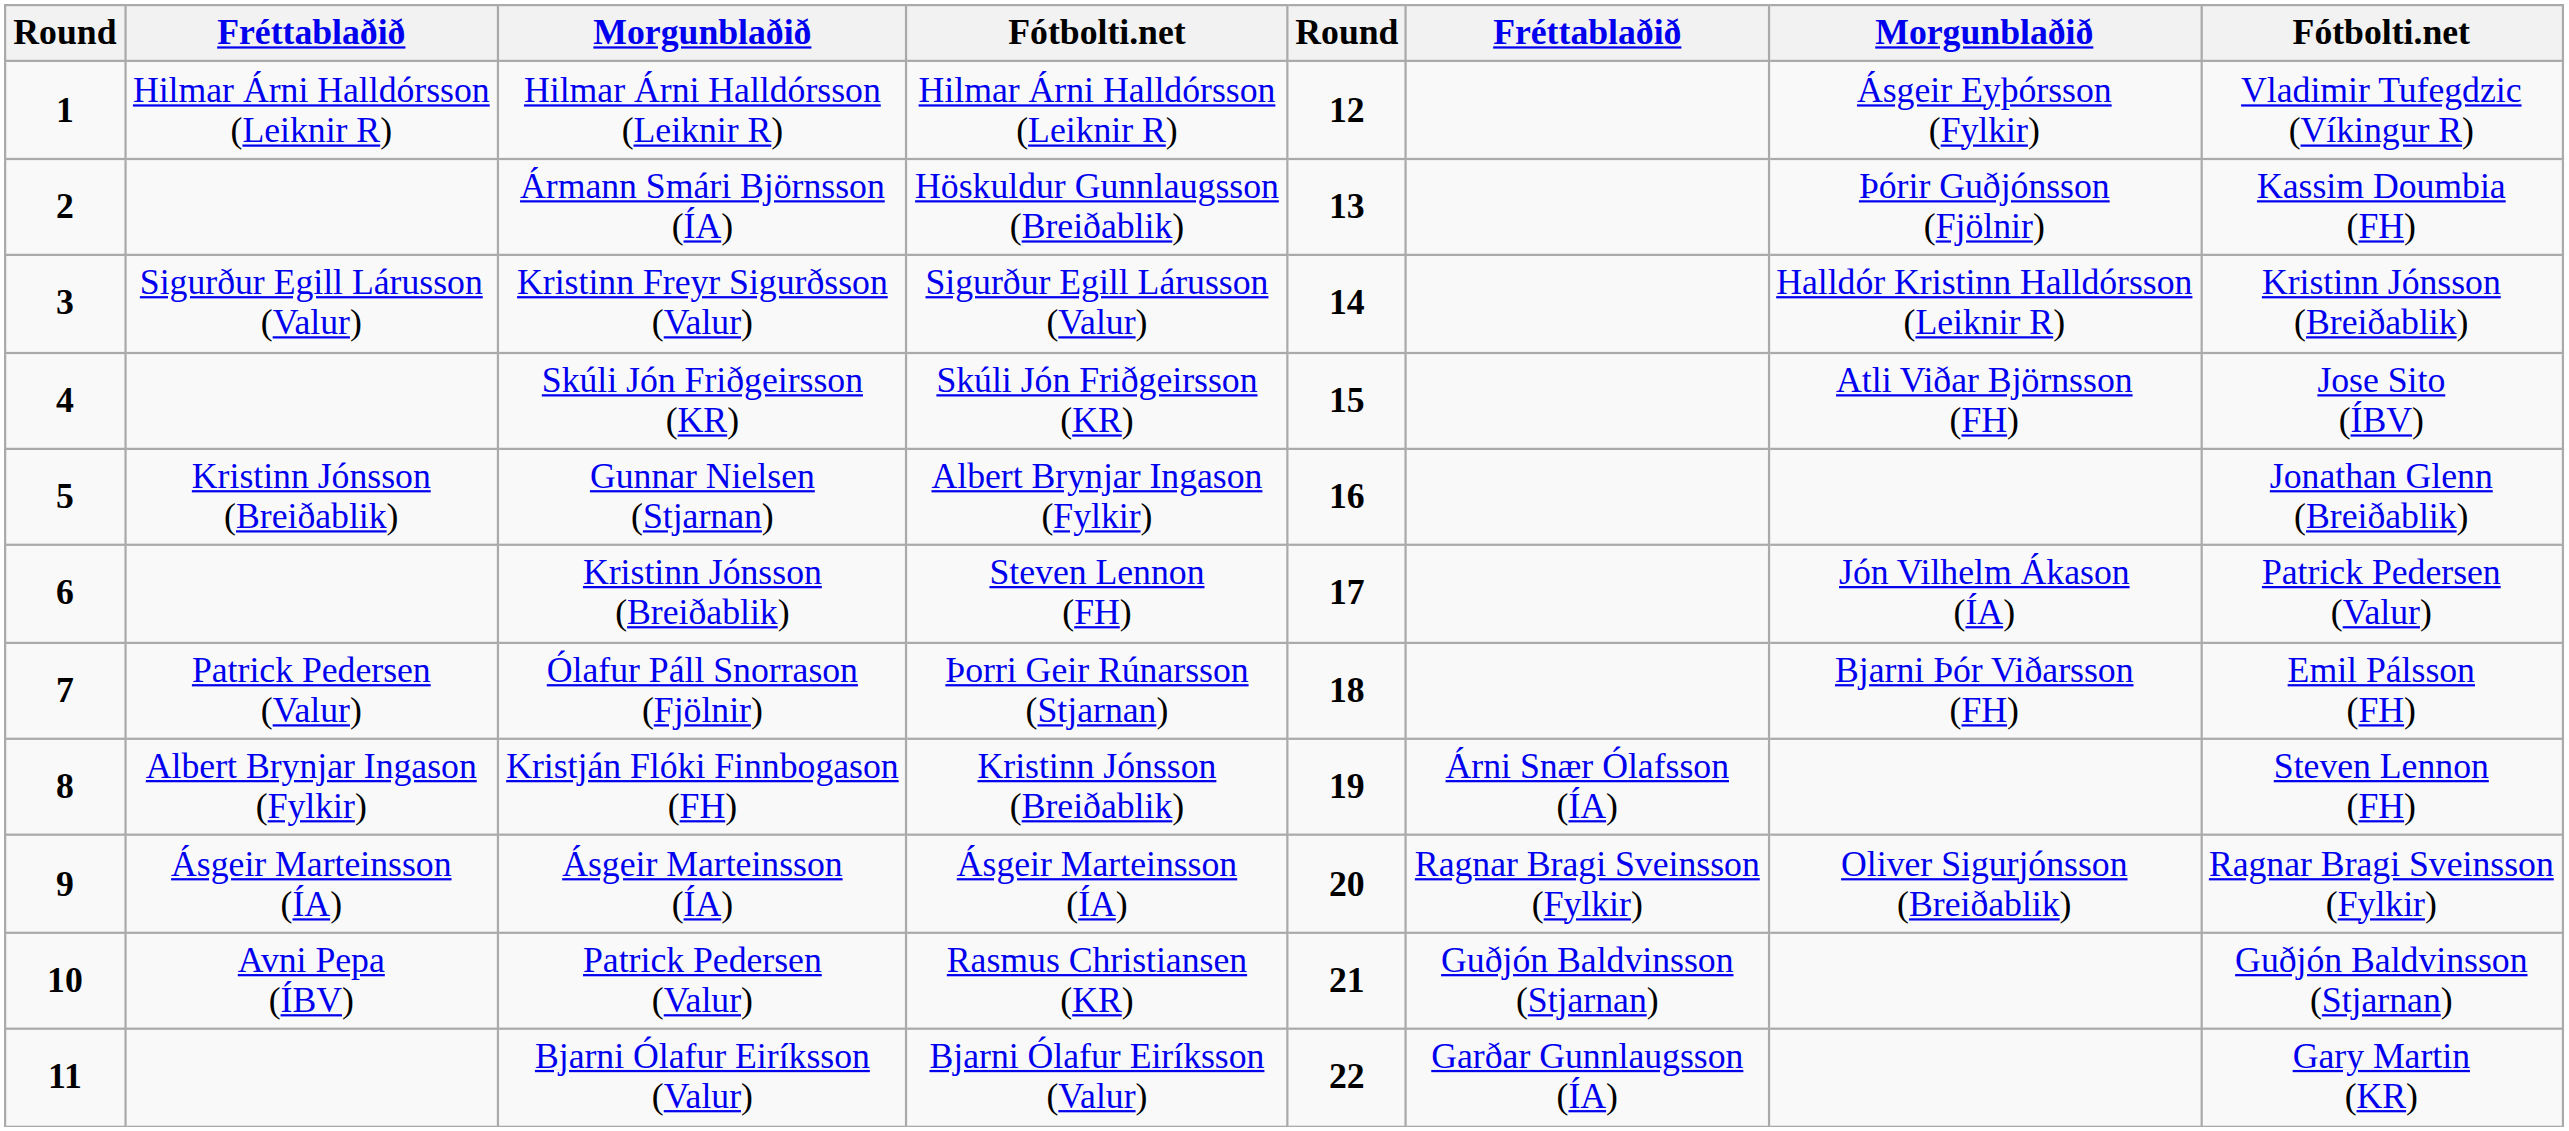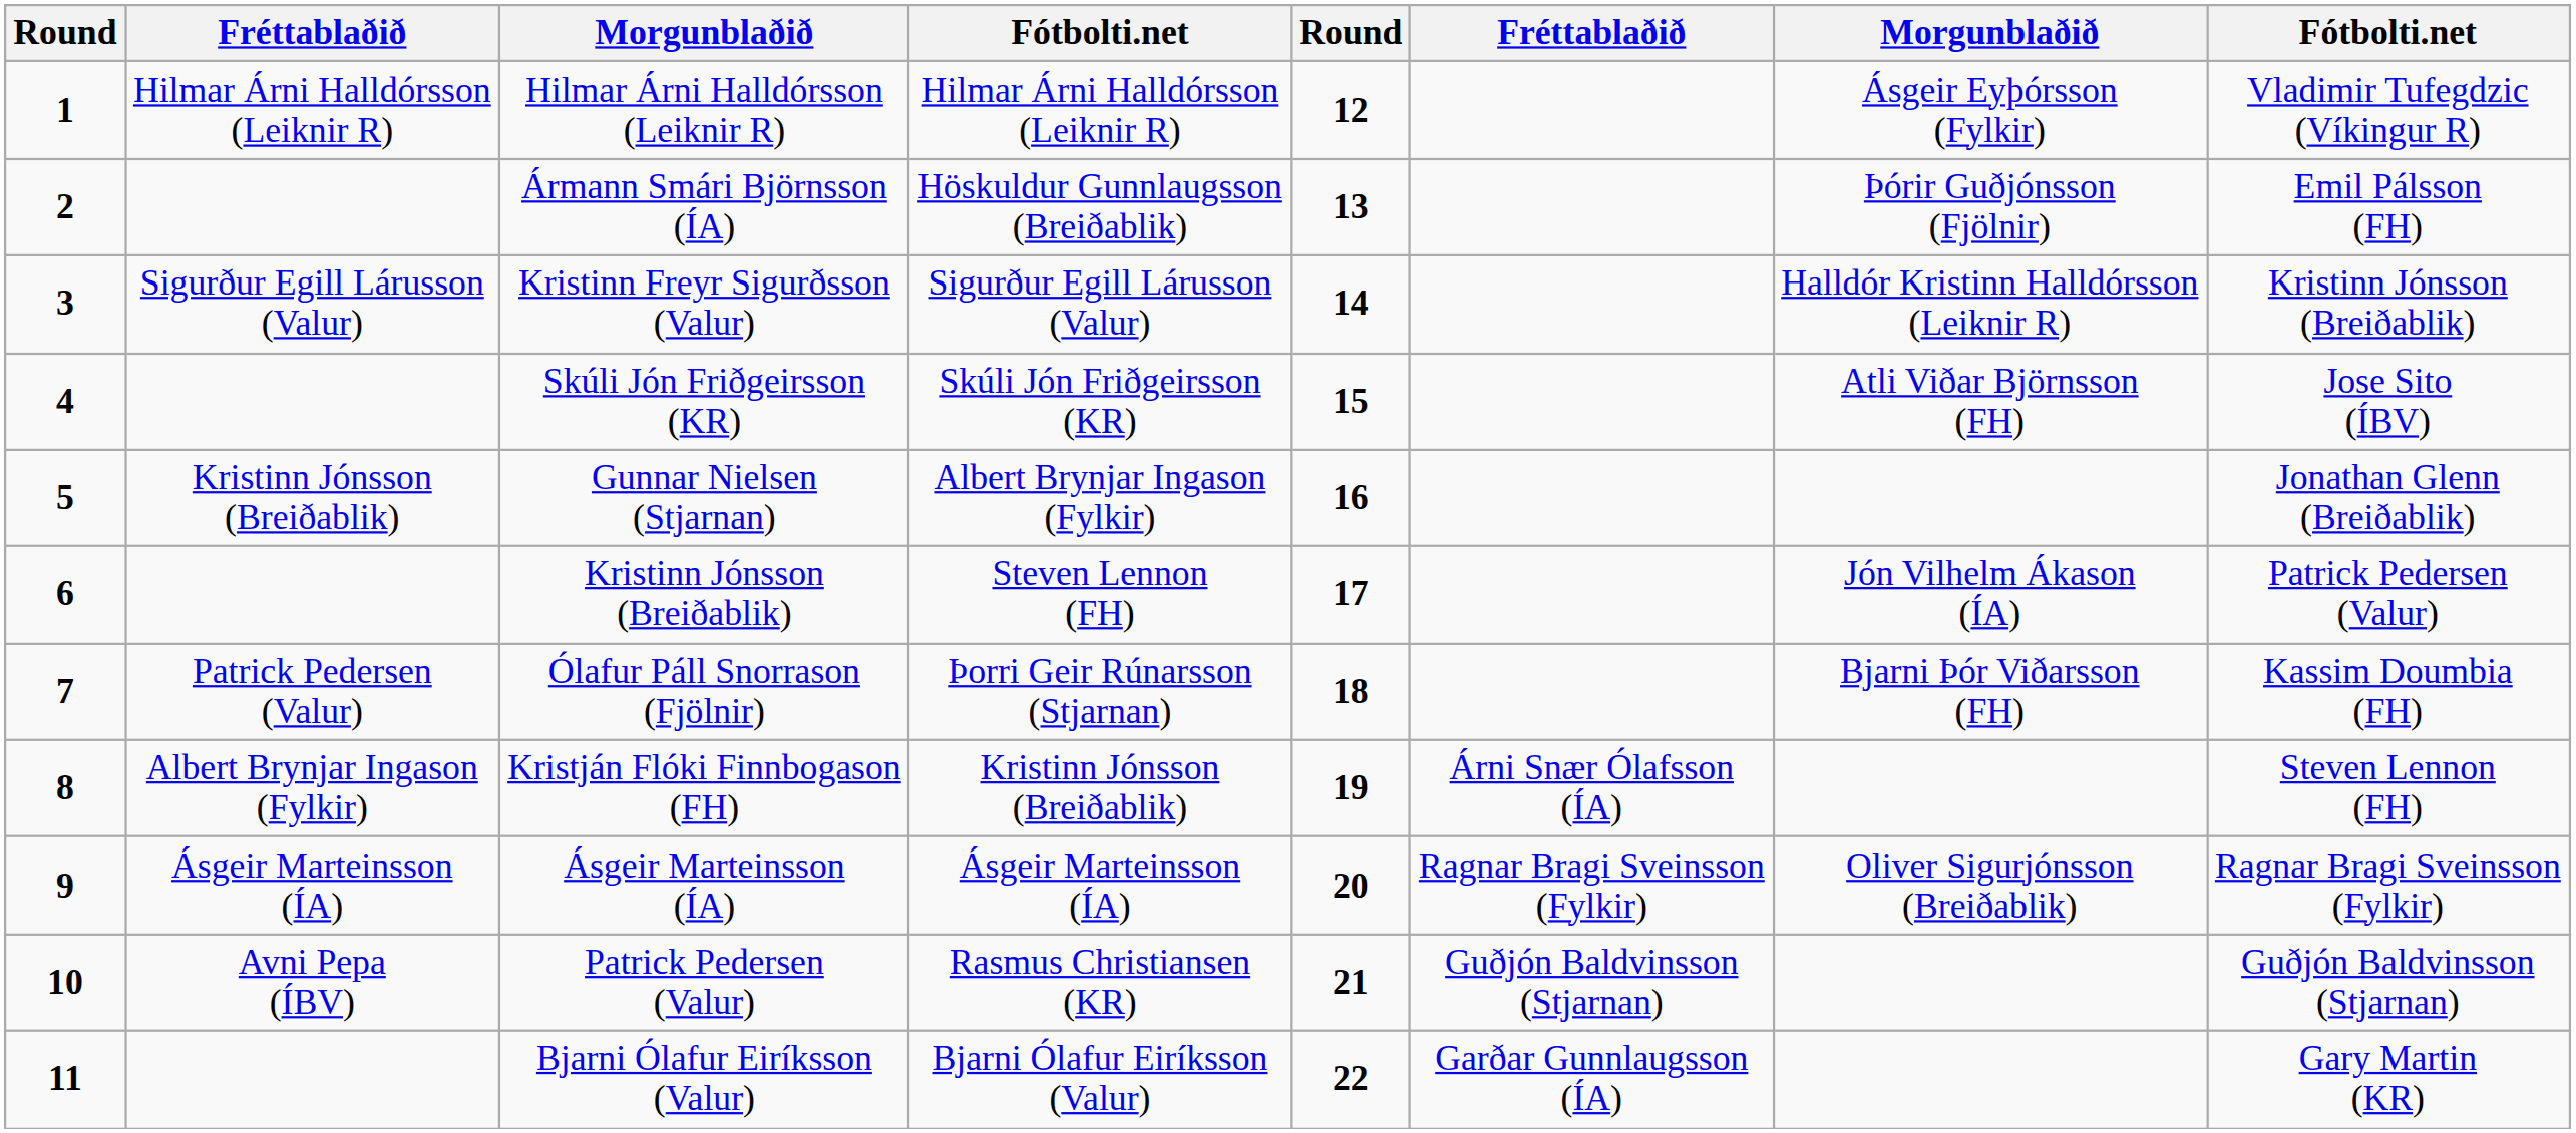 <table class="wikitable" style="text-align:center">
 <tr>
 <th>Round</th>
 <th><a href='#'>Fréttablaðið</a></th>
 <th><a href='#'>Morgunblaðið</a></th>
 <th>Fótbolti.net</th>
 <th>Round</th>
 <th><a href='#'>Fréttablaðið</a></th>
 <th><a href='#'>Morgunblaðið</a></th>
 <th>Fótbolti.net</th>
 </tr>
 <tr>
 <td><strong>1</strong></td>
 <td><a href='#'>Hilmar Árni Halldórsson</a> <br>(<a href='#'>Leiknir R</a>)</td>
 <td><a href='#'>Hilmar Árni Halldórsson</a> <br>(<a href='#'>Leiknir R</a>)</td>
 <td><a href='#'>Hilmar Árni Halldórsson</a> <br>(<a href='#'>Leiknir R</a>)</td>
 <td><strong>12</strong></td>
 <td></td>
 <td><a href='#'>Ásgeir Eyþórsson</a> <br>(<a href='#'>Fylkir</a>)</td>
 <td><a href='#'>Vladimir Tufegdzic</a> <br>(<a href='#'>Víkingur R</a>)</td>
 </tr>
 <tr>
 <td><strong>2</strong></td>
 <td></td>
 <td><a href='#'>Ármann Smári Björnsson</a> <br>(<a href='#'>ÍA</a>)</td>
 <td><a href='#'>Höskuldur Gunnlaugsson</a> <br>(<a href='#'>Breiðablik</a>)</td>
 <td><strong>13</strong></td>
 <td></td>
 <td><a href='#'>Þórir Guðjónsson</a> <br>(<a href='#'>Fjölnir</a>)</td>
-<td><a href='#'>Kassim Doumbia</a> <br>(<a href='#'>FH</a>)</td>
+<td><a href='#'>Emil Pálsson</a> <br>(<a href='#'>FH</a>)</td>
 </tr>
 <tr>
 <td><strong>3</strong></td>
 <td><a href='#'>Sigurður Egill Lárusson</a> <br>(<a href='#'>Valur</a>)</td>
 <td><a href='#'>Kristinn Freyr Sigurðsson</a> <br>(<a href='#'>Valur</a>)</td>
 <td><a href='#'>Sigurður Egill Lárusson</a> <br>(<a href='#'>Valur</a>)</td>
 <td><strong>14</strong></td>
 <td></td>
 <td><a href='#'>Halldór Kristinn Halldórsson</a> <br>(<a href='#'>Leiknir R</a>)</td>
 <td><a href='#'>Kristinn Jónsson</a> <br>(<a href='#'>Breiðablik</a>)</td>
 </tr>
 <tr>
 <td><strong>4</strong></td>
 <td></td>
 <td><a href='#'>Skúli Jón Friðgeirsson</a> <br>(<a href='#'>KR</a>)</td>
 <td><a href='#'>Skúli Jón Friðgeirsson</a> <br>(<a href='#'>KR</a>)</td>
 <td><strong>15</strong></td>
 <td></td>
 <td><a href='#'>Atli Viðar Björnsson</a> <br>(<a href='#'>FH</a>)</td>
 <td><a href='#'>Jose Sito</a> <br>(<a href='#'>ÍBV</a>)</td>
 </tr>
 <tr>
 <td><strong>5</strong></td>
 <td><a href='#'>Kristinn Jónsson</a> <br>(<a href='#'>Breiðablik</a>)</td>
 <td><a href='#'>Gunnar Nielsen</a> <br>(<a href='#'>Stjarnan</a>)</td>
 <td><a href='#'>Albert Brynjar Ingason</a> <br>(<a href='#'>Fylkir</a>)</td>
 <td><strong>16</strong></td>
 <td></td>
 <td></td>
 <td><a href='#'>Jonathan Glenn</a> <br>(<a href='#'>Breiðablik</a>)</td>
 </tr>
 <tr>
 <td><strong>6</strong></td>
 <td></td>
 <td><a href='#'>Kristinn Jónsson</a> <br>(<a href='#'>Breiðablik</a>)</td>
 <td><a href='#'>Steven Lennon</a> <br>(<a href='#'>FH</a>)</td>
 <td><strong>17</strong></td>
 <td></td>
 <td><a href='#'>Jón Vilhelm Ákason</a> <br>(<a href='#'>ÍA</a>)</td>
 <td><a href='#'>Patrick Pedersen</a> <br>(<a href='#'>Valur</a>)</td>
 </tr>
 <tr>
 <td><strong>7</strong></td>
 <td><a href='#'>Patrick Pedersen</a> <br>(<a href='#'>Valur</a>)</td>
 <td><a href='#'>Ólafur Páll Snorrason</a> <br>(<a href='#'>Fjölnir</a>)</td>
 <td><a href='#'>Þorri Geir Rúnarsson</a> <br>(<a href='#'>Stjarnan</a>)</td>
 <td><strong>18</strong></td>
 <td></td>
 <td><a href='#'>Bjarni Þór Viðarsson</a> <br>(<a href='#'>FH</a>)</td>
-<td><a href='#'>Emil Pálsson</a> <br>(<a href='#'>FH</a>)</td>
+<td><a href='#'>Kassim Doumbia</a> <br>(<a href='#'>FH</a>)</td>
 </tr>
 <tr>
 <td><strong>8</strong></td>
 <td><a href='#'>Albert Brynjar Ingason</a> <br>(<a href='#'>Fylkir</a>)</td>
 <td><a href='#'>Kristján Flóki Finnbogason</a> <br>(<a href='#'>FH</a>)</td>
 <td><a href='#'>Kristinn Jónsson</a> <br>(<a href='#'>Breiðablik</a>)</td>
 <td><strong>19</strong></td>
 <td><a href='#'>Árni Snær Ólafsson</a> <br>(<a href='#'>ÍA</a>)</td>
 <td></td>
 <td><a href='#'>Steven Lennon</a> <br>(<a href='#'>FH</a>)</td>
 </tr>
 <tr>
 <td><strong>9</strong></td>
 <td><a href='#'>Ásgeir Marteinsson</a> <br>(<a href='#'>ÍA</a>)</td>
 <td><a href='#'>Ásgeir Marteinsson</a> <br>(<a href='#'>ÍA</a>)</td>
 <td><a href='#'>Ásgeir Marteinsson</a> <br>(<a href='#'>ÍA</a>)</td>
 <td><strong>20</strong></td>
 <td><a href='#'>Ragnar Bragi Sveinsson</a> <br>(<a href='#'>Fylkir</a>)</td>
 <td><a href='#'>Oliver Sigurjónsson</a> <br>(<a href='#'>Breiðablik</a>)</td>
 <td><a href='#'>Ragnar Bragi Sveinsson</a> <br>(<a href='#'>Fylkir</a>)</td>
 </tr>
 <tr>
 <td><strong>10</strong></td>
 <td><a href='#'>Avni Pepa</a> <br>(<a href='#'>ÍBV</a>)</td>
 <td><a href='#'>Patrick Pedersen</a> <br>(<a href='#'>Valur</a>)</td>
 <td><a href='#'>Rasmus Christiansen</a> <br>(<a href='#'>KR</a>)</td>
 <td><strong>21</strong></td>
 <td><a href='#'>Guðjón Baldvinsson</a> <br>(<a href='#'>Stjarnan</a>)</td>
 <td></td>
 <td><a href='#'>Guðjón Baldvinsson</a> <br>(<a href='#'>Stjarnan</a>)</td>
 </tr>
 <tr>
 <td><strong>11</strong></td>
 <td></td>
 <td><a href='#'>Bjarni Ólafur Eiríksson</a> <br>(<a href='#'>Valur</a>)</td>
 <td><a href='#'>Bjarni Ólafur Eiríksson</a> <br>(<a href='#'>Valur</a>)</td>
 <td><strong>22</strong></td>
 <td><a href='#'>Garðar Gunnlaugsson</a> <br>(<a href='#'>ÍA</a>)</td>
 <td></td>
 <td><a href='#'>Gary Martin</a> <br>(<a href='#'>KR</a>)</td>
 </tr>
 </table>
